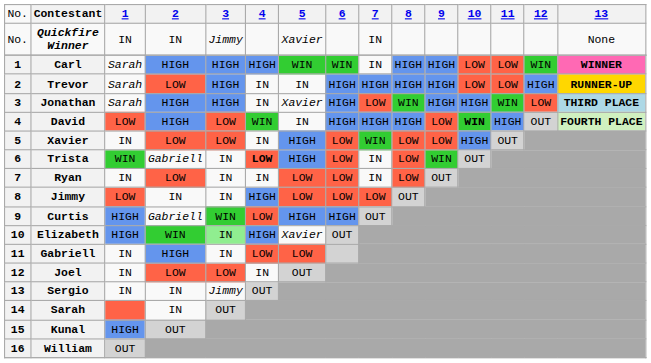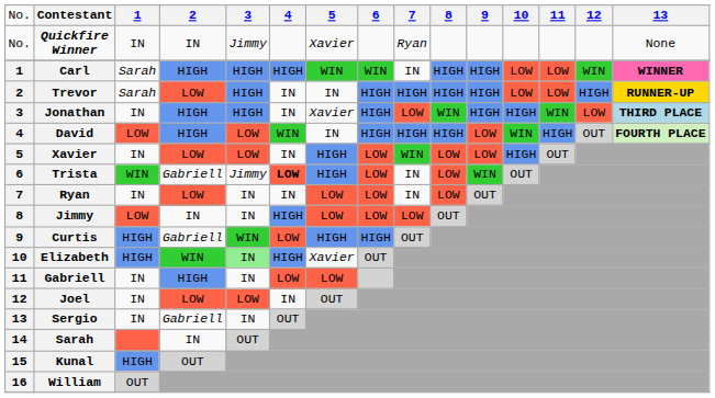 <table class="wikitable" style="text-align:center; align=center; font-size:80%">
 <tr>
 <td>No.</td>
 <th>Contestant</th>
 <th><a href='#'>1</a></th>
 <th><a href='#'>2</a></th>
 <th><a href='#'>3</a></th>
 <th><a href='#'>4</a></th>
 <th><a href='#'>5</a></th>
 <th><a href='#'>6</a></th>
 <th><a href='#'>7</a></th>
 <th><a href='#'>8</a></th>
 <th><a href='#'>9</a></th>
 <th><a href='#'>10</a></th>
 <th><a href='#'>11</a></th>
 <th><a href='#'>12</a></th>
 <th><a href='#'>13</a></th>
 </tr>
 <tr>
 <td>No.</td>
 <td><strong><em>Quickfire</em></strong><br><strong><em>Winner</em></strong></td>
 <td>IN</td>
 <td>IN</td>
 <td><em>Jimmy</em></td>
 <td></td>
 <td><em>Xavier</em></td>
 <td></td>
-<td>IN</td>
+<td><em>Ryan</em></td>
 <td></td>
 <td></td>
 <td></td>
 <td></td>
 <td></td>
 <td>None</td>
 </tr>
 <tr>
 </tr>
 <tr>
 <th>1</th>
 <th>Carl</th>
 <td><em>Sarah</em></td>
 <td style="background:cornflowerblue;">HIGH</td>
 <td style="background:cornflowerblue;">HIGH</td>
 <td style="background:cornflowerblue;">HIGH</td>
 <td style="background:limegreen;">WIN</td>
 <td style="background:limegreen;">WIN</td>
 <td>IN</td>
 <td style="background:cornflowerblue;">HIGH</td>
 <td style="background:cornflowerblue;">HIGH</td>
 <td style="background:tomato;">LOW</td>
 <td style="background:tomato;">LOW</td>
 <td style="background:limegreen;">WIN</td>
 <td style="background:hotpink;"><strong>WINNER</strong></td>
 </tr>
 <tr>
 <th>2</th>
 <th>Trevor</th>
 <td><em>Sarah</em></td>
 <td style="background:tomato;">LOW</td>
 <td style="background:cornflowerblue;">HIGH</td>
 <td>IN</td>
 <td>IN</td>
 <td style="background:cornflowerblue;">HIGH</td>
 <td style="background:cornflowerblue;">HIGH</td>
 <td style="background:cornflowerblue;">HIGH</td>
 <td style="background:cornflowerblue;">HIGH</td>
 <td style="background:tomato;">LOW</td>
 <td style="background:tomato;">LOW</td>
 <td style="background:cornflowerblue;">HIGH</td>
 <td style="background:gold"><strong>RUNNER-UP</strong></td>
 </tr>
 <tr>
 <th>3</th>
 <th>Jonathan</th>
-<td><em>Sarah</em></td>
+<td>IN</td>
 <td style="background:cornflowerblue;">HIGH</td>
 <td style="background:cornflowerblue;">HIGH</td>
 <td>IN</td>
 <td><em>Xavier</em></td>
 <td style="background:cornflowerblue;">HIGH</td>
 <td style="background:tomato;">LOW</td>
 <td style="background:limegreen;">WIN</td>
 <td style="background:cornflowerblue;">HIGH</td>
 <td style="background:cornflowerblue;">HIGH</td>
 <td style="background:limegreen;">WIN</td>
 <td style="background:tomato;">LOW</td>
 <td style="background:lightblue"><strong>THIRD PLACE</strong></td>
 </tr>
 <tr>
 <th>4</th>
 <th>David</th>
 <td style="background:tomato;">LOW</td>
 <td style="background:cornflowerblue;">HIGH</td>
 <td style="background:tomato;">LOW</td>
 <td style="background:limegreen;">WIN</td>
 <td>IN</td>
 <td style="background:cornflowerblue;">HIGH</td>
 <td style="background:cornflowerblue;">HIGH</td>
 <td style="background:cornflowerblue;">HIGH</td>
 <td style="background:tomato;">LOW</td>
-<td style="background:limegreen;"><strong>WIN</strong></td>
+<td style="background:limegreen;">WIN</td>
 <td style="background:cornflowerblue;">HIGH</td>
 <td style="background:lightgray;">OUT</td>
 <td style="background:#D0F0C0"><strong>FOURTH PLACE</strong></td>
 </tr>
 <tr>
 <th>5</th>
 <th>Xavier</th>
 <td>IN</td>
 <td style="background:tomato;">LOW</td>
 <td style="background:tomato;">LOW</td>
 <td>IN</td>
 <td style="background:cornflowerblue;">HIGH</td>
 <td style="background:tomato;">LOW</td>
 <td style="background:limegreen;">WIN</td>
 <td style="background:tomato;">LOW</td>
 <td style="background:tomato;">LOW</td>
 <td style="background:cornflowerblue;">HIGH</td>
 <td style="background:lightgray;">OUT</td>
 <td bgcolor="darkgray" colspan=13></td>
 </tr>
 <tr>
 <th>6</th>
 <th>Trista</th>
 <td style="background:limegreen;">WIN</td>
 <td><em>Gabriell</em></td>
-<td>IN</td>
+<td><em>Jimmy</em></td>
 <td style="background:tomato;"><strong>LOW</strong></td>
 <td style="background:cornflowerblue;">HIGH</td>
 <td style="background:tomato;">LOW</td>
 <td>IN</td>
 <td style="background:tomato;">LOW</td>
 <td style="background:limegreen;">WIN</td>
 <td style="background:lightgray;">OUT</td>
 <td bgcolor="darkgray" colspan=13></td>
 </tr>
 <tr>
 <th>7</th>
 <th>Ryan</th>
 <td>IN</td>
 <td style="background:tomato;">LOW</td>
 <td>IN</td>
 <td>IN</td>
 <td style="background:tomato;">LOW</td>
 <td style="background:tomato;">LOW</td>
 <td>IN</td>
 <td style="background:tomato;">LOW</td>
 <td style="background:lightgray;">OUT</td>
 <td bgcolor="darkgray" colspan=13></td>
 </tr>
 <tr>
 <th>8</th>
 <th>Jimmy</th>
 <td style="background:tomato;">LOW</td>
 <td>IN</td>
 <td>IN</td>
 <td style="background:cornflowerblue;">HIGH</td>
 <td style="background:tomato;">LOW</td>
 <td style="background:tomato;">LOW</td>
 <td style="background:tomato;">LOW</td>
 <td style="background:lightgray;">OUT</td>
 <td bgcolor="darkgray" colspan=13></td>
 </tr>
 <tr>
 <th>9</th>
 <th>Curtis</th>
 <td style="background:cornflowerblue;">HIGH</td>
 <td><em>Gabriell</em></td>
 <td style="background:limegreen;">WIN</td>
 <td style="background:tomato;">LOW</td>
 <td style="background:cornflowerblue;">HIGH</td>
 <td style="background:cornflowerblue;">HIGH</td>
 <td style="background:lightgray;">OUT</td>
 <td bgcolor="darkgray" colspan=13></td>
 </tr>
 <tr>
 <th>10</th>
 <th>Elizabeth</th>
 <td style="background:cornflowerblue;">HIGH</td>
 <td style="background:limegreen;">WIN</td>
 <td style="background: lightgreen;">IN</td>
 <td style="background:cornflowerblue;">HIGH</td>
 <td><em>Xavier</em></td>
 <td style="background:lightgray;">OUT</td>
 <td bgcolor="darkgray" colspan=13></td>
 </tr>
 <tr>
 <th>11</th>
 <th>Gabriell</th>
 <td>IN</td>
 <td style="background:cornflowerblue;">HIGH</td>
 <td>IN</td>
 <td style="background:tomato;">LOW</td>
 <td style="background:tomato;">LOW</td>
 <td style="background:lightgray;"></td>
 <td bgcolor="darkgray" colspan=13></td>
 </tr>
 <tr>
 <th>12</th>
 <th>Joel</th>
 <td>IN</td>
 <td style="background:tomato;">LOW</td>
 <td style="background:tomato;">LOW</td>
 <td>IN</td>
 <td style="background:lightgray;">OUT</td>
 <td bgcolor="darkgray" colspan=13></td>
 </tr>
 <tr>
 <th>13</th>
 <th>Sergio</th>
 <td>IN</td>
+<td><em>Gabriell</em></td>
 <td>IN</td>
-<td><em>Jimmy</em></td>
 <td style="background:lightgray;">OUT</td>
 <td bgcolor="darkgray" colspan=13></td>
 </tr>
 <tr>
 <th>14</th>
 <th>Sarah</th>
 <td style="background:tomato;"></td>
 <td>IN</td>
 <td style="background:lightgray;">OUT</td>
 <td bgcolor="darkgray" colspan=13></td>
 </tr>
 <tr>
 <th>15</th>
 <th>Kunal</th>
 <td style="background:cornflowerblue;">HIGH</td>
 <td style="background:lightgray;">OUT</td>
 <td bgcolor="darkgray" colspan=13></td>
 </tr>
 <tr>
 <th>16</th>
 <th>William</th>
 <td style="background:lightgray;">OUT</td>
 <td bgcolor="darkgray" colspan=13></td>
 </tr>
 <tr>
 </tr>
 </table>
